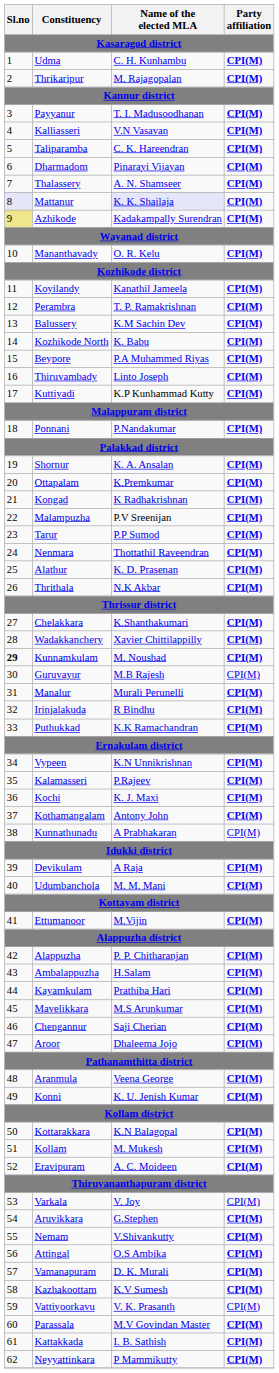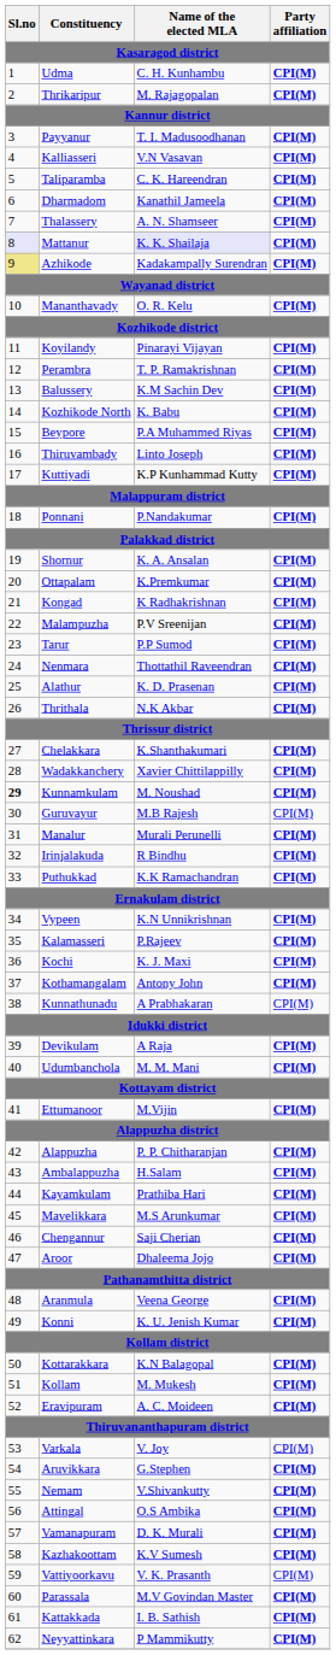 <table class="wikitable sortable" style="font-size: 95%;">
 <tr>
 <th scope="col">Sl.no</th>
 <th scope="col">Constituency</th>
 <th scope="col">Name of the<br>elected MLA</th>
 <th scope="col">Party<br>affiliation</th>
 </tr>
 <tr>
 <td colspan="4" style="text-align:center; background-color: gray;"><a href='#'><span><strong>Kasaragod district</strong></span></a></td>
 </tr>
 <tr>
 <td>1</td>
 <td><a href='#'>Udma</a></td>
 <td><a href='#'>C. H. Kunhambu</a></td>
 <td width="4" style="background-color: "><a href='#'><span><strong>CPI(M)</strong></span></a></td>
 </tr>
 <tr>
 <td>2</td>
 <td><a href='#'>Thrikaripur</a></td>
 <td><a href='#'>M. Rajagopalan</a></td>
 <td width="4" style="background-color: "><a href='#'><span><strong>CPI(M)</strong></span></a></td>
 </tr>
 <tr>
 <td colspan="4" style="text-align:center; background-color: gray;"><a href='#'><span><strong>Kannur district</strong></span></a></td>
 </tr>
 <tr>
 <td>3</td>
 <td><a href='#'>Payyanur</a></td>
 <td><a href='#'>T. I. Madusoodhanan</a></td>
 <td width="4" style="background-color: "><a href='#'><span><strong>CPI(M)</strong></span></a></td>
 </tr>
 <tr>
 <td>4</td>
 <td><a href='#'>Kalliasseri</a></td>
 <td><a href='#'>V.N Vasavan</a></td>
 <td width="4" style="background-color: "><a href='#'><span><strong>CPI(M)</strong></span></a></td>
 </tr>
 <tr>
 <td>5</td>
 <td><a href='#'>Taliparamba</a></td>
 <td><a href='#'>C. K. Hareendran</a></td>
 <td width="4" style="background-color: "><a href='#'><span><strong>CPI(M)</strong></span></a></td>
 </tr>
 <tr>
 <td>6</td>
 <td><a href='#'>Dharmadom</a></td>
-<td><a href='#'>Pinarayi Vijayan</a></td>
+<td><a href='#'>Kanathil Jameela</a></td>
 <td width="4" style="background-color: "><a href='#'><span><strong>CPI(M)</strong></span></a></td>
 </tr>
 <tr>
 <td>7</td>
 <td><a href='#'>Thalassery</a></td>
 <td><a href='#'>A. N. Shamseer</a></td>
 <td width="4" style="background-color: "><a href='#'><span><strong>CPI(M)</strong></span></a></td>
 </tr>
 <tr>
 <td style="background: lavender;">8</td>
 <td><a href='#'>Mattanur</a></td>
 <td style="background: lavender;"><a href='#'>K. K. Shailaja</a></td>
 <td width="4" style="background-color: "><a href='#'><span><strong>CPI(M)</strong></span></a></td>
 </tr>
 <tr>
 <td style="background: khaki;">9</td>
 <td><a href='#'>Azhikode</a></td>
 <td><a href='#'>Kadakampally Surendran</a></td>
 <td width="4" style="background-color: "><a href='#'><span><strong>CPI(M)</strong></span></a></td>
 </tr>
 <tr>
 <td colspan="4" style="text-align:center; background-color: gray;"><a href='#'><span><strong>Wayanad district</strong></span></a></td>
 </tr>
 <tr>
 <td>10</td>
 <td><a href='#'>Mananthavady</a></td>
 <td><a href='#'>O. R. Kelu</a></td>
 <td width="4" style="background-color: "><a href='#'><span><strong>CPI(M)</strong></span></a></td>
 </tr>
 <tr>
 <td colspan="4" style="text-align:center; background-color: gray;"><a href='#'><span><strong>Kozhikode district</strong></span></a></td>
 </tr>
 <tr>
 <td>11</td>
 <td><a href='#'>Koyilandy</a></td>
-<td><a href='#'>Kanathil Jameela</a></td>
+<td><a href='#'>Pinarayi Vijayan</a></td>
 <td width="4" style="background-color: "><a href='#'><span><strong>CPI(M)</strong></span></a></td>
 </tr>
 <tr>
 <td>12</td>
 <td><a href='#'>Perambra</a></td>
 <td><a href='#'>T. P. Ramakrishnan</a></td>
 <td width="4" style="background-color: "><a href='#'><span><strong>CPI(M)</strong></span></a></td>
 </tr>
 <tr>
 <td>13</td>
 <td><a href='#'>Balussery</a></td>
 <td><a href='#'>K.M Sachin Dev</a></td>
 <td width="4" style="background-color: "><a href='#'><span><strong>CPI(M)</strong></span></a></td>
 </tr>
 <tr>
 <td>14</td>
 <td><a href='#'>Kozhikode North</a></td>
 <td><a href='#'>K. Babu</a></td>
 <td width="4" style="background-color: "><a href='#'><span><strong>CPI(M)</strong></span></a></td>
 </tr>
 <tr>
 <td>15</td>
 <td><a href='#'>Beypore</a></td>
 <td><a href='#'>P.A Muhammed Riyas</a></td>
 <td width="4" style="background-color: "><a href='#'><span><strong>CPI(M)</strong></span></a></td>
 </tr>
 <tr>
 <td>16</td>
 <td><a href='#'>Thiruvambady</a></td>
 <td><a href='#'>Linto Joseph</a></td>
 <td width="4" style="background-color: "><a href='#'><span><strong>CPI(M)</strong></span></a></td>
 </tr>
 <tr>
 <td>17</td>
 <td><a href='#'>Kuttiyadi</a></td>
 <td>K.P Kunhammad Kutty</td>
 <td width="4" style="background-color: "><a href='#'><span><strong>CPI(M)</strong></span></a></td>
 </tr>
 <tr>
 <td colspan="4" style="text-align:center; background-color: gray;"><a href='#'><span><strong>Malappuram district</strong></span></a></td>
 </tr>
 <tr>
 <td>18</td>
 <td><a href='#'>Ponnani</a></td>
 <td><a href='#'>P.Nandakumar</a></td>
 <td width="4" style="background-color: "><a href='#'><span><strong>CPI(M)</strong></span></a></td>
 </tr>
 <tr>
 <td colspan="4" style="text-align:center; background-color: gray;"><a href='#'><span><strong>Palakkad district</strong></span></a></td>
 </tr>
 <tr>
 <td>19</td>
 <td><a href='#'>Shornur</a></td>
 <td><a href='#'>K. A. Ansalan</a></td>
 <td width="4" style="background-color: "><a href='#'><span><strong>CPI(M)</strong></span></a></td>
 </tr>
 <tr>
 <td>20</td>
 <td><a href='#'>Ottapalam</a></td>
 <td><a href='#'>K.Premkumar</a></td>
 <td width="4" style="background-color: "><a href='#'><span><strong>CPI(M)</strong></span></a></td>
 </tr>
 <tr>
 <td>21</td>
 <td><a href='#'>Kongad</a></td>
 <td><a href='#'>K Radhakrishnan</a></td>
 <td width="4" style="background-color: "><a href='#'><span><strong>CPI(M)</strong></span></a></td>
 </tr>
 <tr>
 <td>22</td>
 <td><a href='#'>Malampuzha</a></td>
 <td>P.V Sreenijan</td>
 <td width="4" style="background-color: "><a href='#'><span><strong>CPI(M)</strong></span></a></td>
 </tr>
 <tr>
 <td>23</td>
 <td><a href='#'>Tarur</a></td>
 <td><a href='#'>P.P Sumod</a></td>
 <td width="4" style="background-color: "><a href='#'><span><strong>CPI(M)</strong></span></a></td>
 </tr>
 <tr>
 <td>24</td>
 <td><a href='#'>Nenmara</a></td>
 <td><a href='#'>Thottathil Raveendran</a></td>
 <td width="4" style="background-color: "><a href='#'><span><strong>CPI(M)</strong></span></a></td>
 </tr>
 <tr>
 <td>25</td>
 <td><a href='#'>Alathur</a></td>
 <td><a href='#'>K. D. Prasenan</a></td>
 <td width="4" style="background-color: "><a href='#'><span><strong>CPI(M)</strong></span></a></td>
 </tr>
 <tr>
 <td>26</td>
 <td><a href='#'>Thrithala</a></td>
 <td><a href='#'>N.K Akbar</a></td>
 <td width="4" style="background-color: "><a href='#'><span><strong>CPI(M)</strong></span></a></td>
 </tr>
 <tr>
 <td colspan="4" style="text-align:center; background-color: gray;"><a href='#'><span><strong>Thrissur district</strong></span></a></td>
 </tr>
 <tr>
 <td>27</td>
 <td><a href='#'>Chelakkara</a></td>
 <td><a href='#'>K.Shanthakumari</a></td>
 <td width="4" style="background-color: "><a href='#'><span><strong>CPI(M)</strong></span></a></td>
 </tr>
 <tr>
 <td>28</td>
 <td><a href='#'>Wadakkanchery</a></td>
 <td><a href='#'>Xavier Chittilappilly</a></td>
 <td width="4" style="background-color: "><a href='#'><span><strong>CPI(M)</strong></span></a></td>
 </tr>
 <tr>
 <td><strong>29</strong></td>
 <td><a href='#'>Kunnamkulam</a></td>
 <td><a href='#'>M. Noushad</a></td>
 <td width="4" style="background-color: "><a href='#'><span><strong>CPI(M)</strong></span></a></td>
 </tr>
 <tr>
 <td>30</td>
 <td><a href='#'>Guruvayur</a></td>
 <td><a href='#'>M.B Rajesh</a></td>
 <td width="4" style="background-color: "><a href='#'><span>CPI(M)</span></a></td>
 </tr>
 <tr>
 <td>31</td>
 <td><a href='#'>Manalur</a></td>
 <td><a href='#'>Murali Perunelli</a></td>
 <td width="4" style="background-color: "><a href='#'><span><strong>CPI(M)</strong></span></a></td>
 </tr>
 <tr>
 <td>32</td>
 <td><a href='#'>Irinjalakuda</a></td>
 <td><a href='#'>R Bindhu</a></td>
 <td width="4" style="background-color: "><a href='#'><span><strong>CPI(M)</strong></span></a></td>
 </tr>
 <tr>
 <td>33</td>
 <td><a href='#'>Puthukkad</a></td>
 <td><a href='#'>K.K Ramachandran</a></td>
 <td width="4" style="background-color: "><a href='#'><span><strong>CPI(M)</strong></span></a></td>
 </tr>
 <tr>
 <td colspan="4" style="text-align:center; background-color: gray;"><a href='#'><span><strong>Ernakulam district</strong></span></a></td>
 </tr>
 <tr>
 <td>34</td>
 <td><a href='#'>Vypeen</a></td>
 <td><a href='#'>K.N Unnikrishnan</a></td>
 <td width="4" style="background-color: "><a href='#'><span><strong>CPI(M)</strong></span></a></td>
 </tr>
 <tr>
 <td>35</td>
 <td><a href='#'>Kalamasseri</a></td>
 <td><a href='#'>P.Rajeev</a></td>
 <td width="4" style="background-color: "><a href='#'><span><strong>CPI(M)</strong></span></a></td>
 </tr>
 <tr>
 <td>36</td>
 <td><a href='#'>Kochi</a></td>
 <td><a href='#'>K. J. Maxi</a></td>
 <td width="4" style="background-color: "><a href='#'><span><strong>CPI(M)</strong></span></a></td>
 </tr>
 <tr>
 <td>37</td>
 <td><a href='#'>Kothamangalam</a></td>
 <td><a href='#'>Antony John</a></td>
 <td width="4" style="background-color: "><a href='#'><span><strong>CPI(M)</strong></span></a></td>
 </tr>
 <tr>
 <td>38</td>
 <td><a href='#'>Kunnathunadu</a></td>
 <td><a href='#'>A Prabhakaran</a></td>
 <td width="4" style="background-color: "><a href='#'><span>CPI(M)</span></a></td>
 </tr>
 <tr>
 <td colspan="4" style="text-align:center; background-color: gray;"><a href='#'><span><strong>Idukki district</strong></span></a></td>
 </tr>
 <tr>
 <td>39</td>
 <td><a href='#'>Devikulam</a></td>
 <td><a href='#'>A Raja</a></td>
 <td width="4" style="background-color: "><a href='#'><span><strong>CPI(M)</strong></span></a></td>
 </tr>
 <tr>
 <td>40</td>
 <td><a href='#'>Udumbanchola</a></td>
 <td><a href='#'>M. M. Mani</a></td>
 <td width="4" style="background-color: "><a href='#'><span><strong>CPI(M)</strong></span></a></td>
 </tr>
 <tr>
 <td colspan="4" style="text-align:center; background-color: gray;"><a href='#'><span><strong>Kottayam district</strong></span></a></td>
 </tr>
 <tr>
 <td>41</td>
 <td><a href='#'>Ettumanoor</a></td>
 <td><a href='#'>M.Vijin</a></td>
 <td width="4" style="background-color: "><a href='#'><span><strong>CPI(M)</strong></span></a></td>
 </tr>
 <tr>
 <td colspan="4" style="text-align:center; background-color: gray;"><a href='#'><span><strong>Alappuzha district</strong></span></a></td>
 </tr>
 <tr>
 <td>42</td>
 <td><a href='#'>Alappuzha</a></td>
 <td><a href='#'>P. P. Chitharanjan</a></td>
 <td width="4" style="background-color: "><a href='#'><span><strong>CPI(M)</strong></span></a></td>
 </tr>
 <tr>
 <td>43</td>
 <td><a href='#'>Ambalappuzha</a></td>
 <td><a href='#'>H.Salam</a></td>
 <td width="4" style="background-color: "><a href='#'><span><strong>CPI(M)</strong></span></a></td>
 </tr>
 <tr>
 <td>44</td>
 <td><a href='#'>Kayamkulam</a></td>
 <td><a href='#'>Prathiba Hari</a></td>
 <td width="4" style="background-color: "><a href='#'><span><strong>CPI(M)</strong></span></a></td>
 </tr>
 <tr>
 <td>45</td>
 <td><a href='#'>Mavelikkara</a></td>
 <td><a href='#'>M.S Arunkumar</a></td>
 <td width="4" style="background-color: "><a href='#'><span><strong>CPI(M)</strong></span></a></td>
 </tr>
 <tr>
 <td>46</td>
 <td><a href='#'>Chengannur</a></td>
 <td><a href='#'>Saji Cherian</a></td>
 <td width="4" style="background-color: "><a href='#'><span><strong>CPI(M)</strong></span></a></td>
 </tr>
 <tr>
 <td>47</td>
 <td><a href='#'>Aroor</a></td>
 <td><a href='#'>Dhaleema Jojo</a></td>
 <td width="4" style="background-color: "><a href='#'><span><strong>CPI(M)</strong></span></a></td>
 </tr>
 <tr>
 <td colspan="4" style="text-align:center; background-color: gray;"><a href='#'><span><strong>Pathanamthitta district</strong></span></a></td>
 </tr>
 <tr>
 <td>48</td>
 <td><a href='#'>Aranmula</a></td>
 <td><a href='#'>Veena George</a></td>
 <td width="4" style="background-color: "><a href='#'><span><strong>CPI(M)</strong></span></a></td>
 </tr>
 <tr>
 <td>49</td>
 <td><a href='#'>Konni</a></td>
 <td><a href='#'>K. U. Jenish Kumar</a></td>
 <td width="4" style="background-color: "><a href='#'><span><strong>CPI(M)</strong></span></a></td>
 </tr>
 <tr>
 <td colspan="4" style="text-align:center; background-color: gray;"><a href='#'><span><strong>Kollam district</strong></span></a></td>
 </tr>
 <tr>
 <td>50</td>
 <td><a href='#'>Kottarakkara</a></td>
 <td><a href='#'>K.N Balagopal</a></td>
 <td width="4" style="background-color: "><a href='#'><span><strong>CPI(M)</strong></span></a></td>
 </tr>
 <tr>
 <td>51</td>
 <td><a href='#'>Kollam</a></td>
 <td><a href='#'>M. Mukesh</a></td>
 <td width="4" style="background-color: "><a href='#'><span><strong>CPI(M)</strong></span></a></td>
 </tr>
 <tr>
 <td>52</td>
 <td><a href='#'>Eravipuram</a></td>
 <td><a href='#'>A. C. Moideen</a></td>
 <td width="4" style="background-color: "><a href='#'><span><strong>CPI(M)</strong></span></a></td>
 </tr>
 <tr>
 <td colspan="4" style="text-align:center; background-color: gray;"><a href='#'><span><strong>Thiruvananthapuram district</strong></span></a></td>
 </tr>
 <tr>
 <td>53</td>
 <td><a href='#'>Varkala</a></td>
 <td><a href='#'>V. Joy</a></td>
 <td width="4" style="background-color: "><a href='#'><span>CPI(M)</span></a></td>
 </tr>
 <tr>
 <td>54</td>
 <td><a href='#'>Aruvikkara</a></td>
 <td><a href='#'>G.Stephen</a></td>
 <td width="4" style="background-color: "><a href='#'><span><strong>CPI(M)</strong></span></a></td>
 </tr>
 <tr>
 <td>55</td>
 <td><a href='#'>Nemam</a></td>
 <td><a href='#'>V.Shivankutty</a></td>
 <td width="4" style="background-color: "><a href='#'><span><strong>CPI(M)</strong></span></a></td>
 </tr>
 <tr>
 <td>56</td>
 <td><a href='#'>Attingal</a></td>
 <td><a href='#'>O.S Ambika</a></td>
 <td width="4" style="background-color: "><a href='#'><span><strong>CPI(M)</strong></span></a></td>
 </tr>
 <tr>
 <td>57</td>
 <td><a href='#'>Vamanapuram</a></td>
 <td><a href='#'>D. K. Murali</a></td>
 <td width="4" style="background-color: "><a href='#'><span><strong>CPI(M)</strong></span></a></td>
 </tr>
 <tr>
 <td>58</td>
 <td><a href='#'>Kazhakoottam</a></td>
 <td><a href='#'>K.V Sumesh</a></td>
 <td width="4" style="background-color: "><a href='#'><span><strong>CPI(M)</strong></span></a></td>
 </tr>
 <tr>
 <td>59</td>
 <td><a href='#'>Vattiyoorkavu</a></td>
 <td><a href='#'>V. K. Prasanth</a></td>
 <td width="4" style="background-color: "><a href='#'><span>CPI(M)</span></a></td>
 </tr>
 <tr>
 <td>60</td>
 <td><a href='#'>Parassala</a></td>
 <td><a href='#'>M.V Govindan Master</a></td>
 <td width="4" style="background-color: "><a href='#'><span><strong>CPI(M)</strong></span></a></td>
 </tr>
 <tr>
 <td>61</td>
 <td><a href='#'>Kattakkada</a></td>
 <td><a href='#'>I. B. Sathish</a></td>
 <td width="4" style="background-color: "><a href='#'><span><strong>CPI(M)</strong></span></a></td>
 </tr>
 <tr>
 <td>62</td>
 <td><a href='#'>Neyyattinkara</a></td>
 <td><a href='#'>P Mammikutty</a></td>
 <td width="4" style="background-color: "><a href='#'><span><strong>CPI(M)</strong></span></a></td>
 </tr>
 <tr>
 </tr>
 </table>
